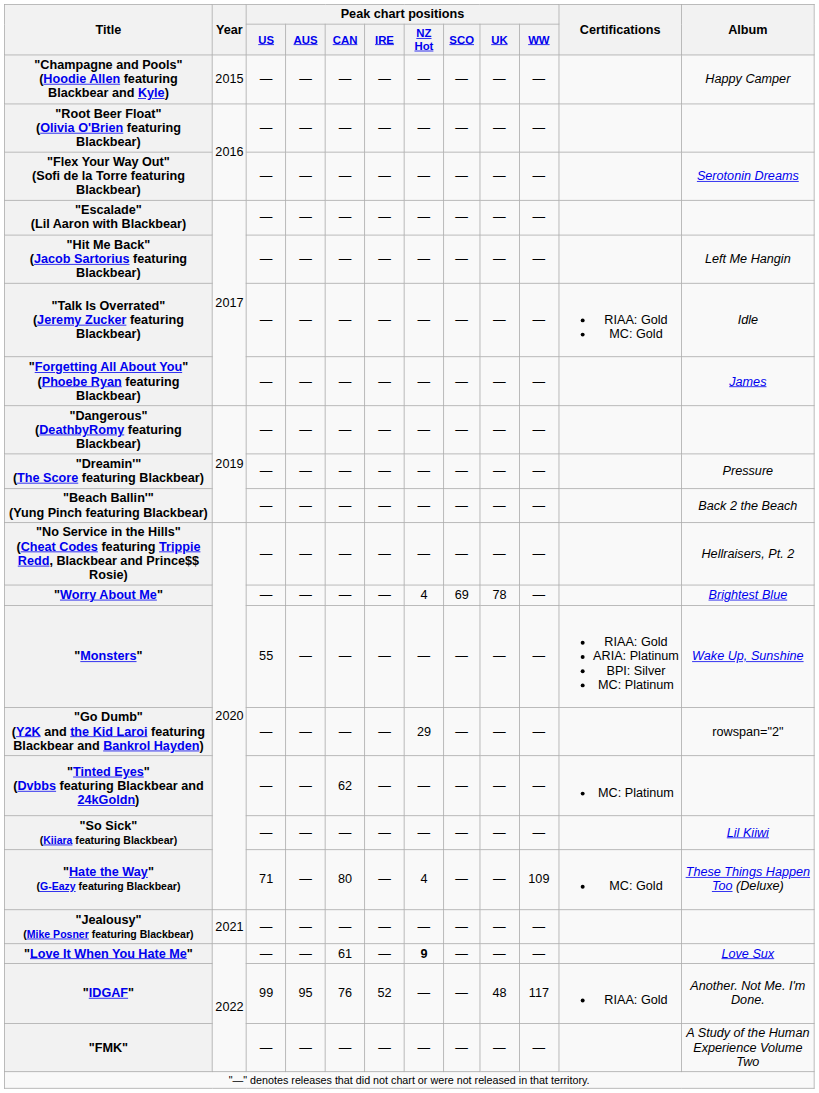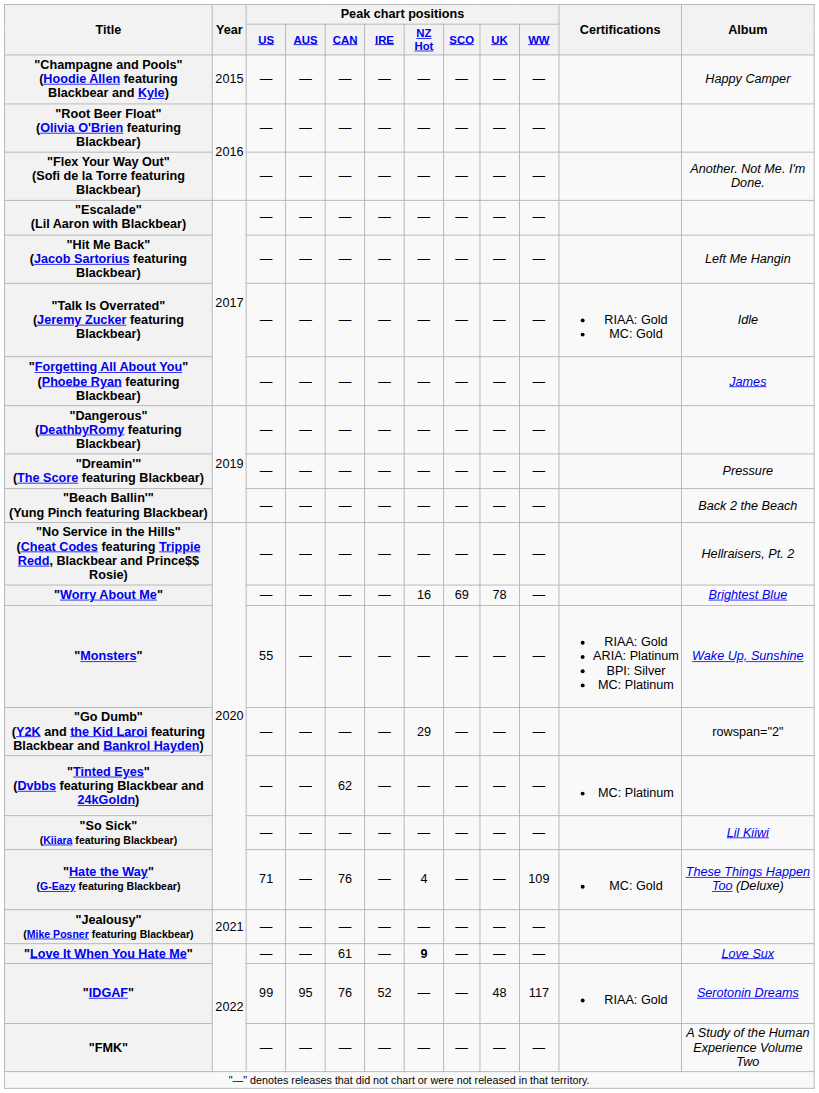 <table class="wikitable plainrowheaders" style="text-align:center;">
 <tr>
 <th scope="col" rowspan="2" style="width:16em;">Title</th>
 <th scope="col" rowspan="2" style="width:1em;">Year</th>
 <th scope="col" colspan="8">Peak chart positions</th>
 <th scope="col" rowspan="2">Certifications</th>
 <th scope="col" rowspan="2" style="width:10em;">Album</th>
 </tr>
 <tr>
 <th scope="col" style="width:3em;font-size:90%;"><a href='#'>US</a><br></th>
 <th scope="col" style="width:3em;font-size:90%;"><a href='#'>AUS</a><br></th>
 <th scope="col" style="width:3em;font-size:90%;"><a href='#'>CAN</a><br></th>
 <th scope="col" style="width:3em;font-size:90%;"><a href='#'>IRE</a><br></th>
 <th scope="col" style="width:3em;font-size:90%;"><a href='#'>NZ<br>Hot</a><br></th>
 <th scope="col" style="width:2.7em;font-size:90%;"><a href='#'>SCO</a><br></th>
 <th scope="col" style="width:3em;font-size:90%;"><a href='#'>UK</a><br></th>
 <th scope="col" style="width:3em;font-size:90%;"><a href='#'>WW</a><br></th>
 </tr>
 <tr>
 <th scope="row">"Champagne and Pools"<br><span>(<a href='#'>Hoodie Allen</a> featuring Blackbear and <a href='#'>Kyle</a>)</span></th>
 <td>2015</td>
 <td>—</td>
 <td>—</td>
 <td>—</td>
 <td>—</td>
 <td>—</td>
 <td>—</td>
 <td>—</td>
 <td>—</td>
 <td></td>
 <td><em>Happy Camper</em></td>
 </tr>
 <tr>
 <th scope="row">"Root Beer Float"<br><span>(<a href='#'>Olivia O'Brien</a> featuring Blackbear)</span></th>
 <td rowspan="2">2016</td>
 <td>—</td>
 <td>—</td>
 <td>—</td>
 <td>—</td>
 <td>—</td>
 <td>—</td>
 <td>—</td>
 <td>—</td>
 <td></td>
 <td></td>
 </tr>
 <tr>
 <th scope="row">"Flex Your Way Out"<br><span>(Sofi de la Torre featuring Blackbear)</span></th>
 <td>—</td>
 <td>—</td>
 <td>—</td>
 <td>—</td>
 <td>—</td>
 <td>—</td>
 <td>—</td>
 <td>—</td>
 <td></td>
-<td><em><a href='#'>Serotonin Dreams</a></em></td>
+<td><em>Another. Not Me. I'm Done.</em></td>
 </tr>
 <tr>
 <th scope="row">"Escalade"<br><span>(Lil Aaron with Blackbear)</span></th>
 <td rowspan="4">2017</td>
 <td>—</td>
 <td>—</td>
 <td>—</td>
 <td>—</td>
 <td>—</td>
 <td>—</td>
 <td>—</td>
 <td>—</td>
 <td></td>
 <td></td>
 </tr>
 <tr>
 <th scope="row">"Hit Me Back"<br><span>(<a href='#'>Jacob Sartorius</a> featuring Blackbear)</span></th>
 <td>—</td>
 <td>—</td>
 <td>—</td>
 <td>—</td>
 <td>—</td>
 <td>—</td>
 <td>—</td>
 <td>—</td>
 <td></td>
 <td><em>Left Me Hangin</em></td>
 </tr>
 <tr>
 <th scope="row">"Talk Is Overrated"<br><span>(<a href='#'>Jeremy Zucker</a> featuring Blackbear)</span></th>
 <td>—</td>
 <td>—</td>
 <td>—</td>
 <td>—</td>
 <td>—</td>
 <td>—</td>
 <td>—</td>
 <td>—</td>
 <td><br><ul><li>RIAA: Gold</li><li>MC: Gold</li></ul></td>
 <td><em>Idle</em></td>
 </tr>
 <tr>
 <th scope="row">"<a href='#'>Forgetting All About You</a>"<br><span>(<a href='#'>Phoebe Ryan</a> featuring Blackbear)</span></th>
 <td>—</td>
 <td>—</td>
 <td>—</td>
 <td>—</td>
 <td>—</td>
 <td>—</td>
 <td>—</td>
 <td>—</td>
 <td></td>
 <td><em><a href='#'>James</a></em></td>
 </tr>
 <tr>
 <th scope="row">"Dangerous"<br><span>(<a href='#'>DeathbyRomy</a> featuring Blackbear)</span></th>
 <td rowspan="3">2019</td>
 <td>—</td>
 <td>—</td>
 <td>—</td>
 <td>—</td>
 <td>—</td>
 <td>—</td>
 <td>—</td>
 <td>—</td>
 <td></td>
 <td></td>
 </tr>
 <tr>
 <th scope="row">"Dreamin'"<br><span>(<a href='#'>The Score</a> featuring Blackbear)</span></th>
 <td>—</td>
 <td>—</td>
 <td>—</td>
 <td>—</td>
 <td>—</td>
 <td>—</td>
 <td>—</td>
 <td>—</td>
 <td></td>
 <td><em>Pressure</em></td>
 </tr>
 <tr>
 <th scope="row">"Beach Ballin'"<br><span>(Yung Pinch featuring Blackbear)</span></th>
 <td>—</td>
 <td>—</td>
 <td>—</td>
 <td>—</td>
 <td>—</td>
 <td>—</td>
 <td>—</td>
 <td>—</td>
 <td></td>
 <td><em>Back 2 the Beach</em></td>
 </tr>
 <tr>
 <th scope="row">"No Service in the Hills" <br><span>(<a href='#'>Cheat Codes</a> featuring <a href='#'>Trippie Redd</a>, Blackbear and Prince$$ Rosie)</span></th>
 <td rowspan="7">2020</td>
 <td>—</td>
 <td>—</td>
 <td>—</td>
 <td>—</td>
 <td>—</td>
 <td>—</td>
 <td>—</td>
 <td>—</td>
 <td></td>
 <td><em>Hellraisers, Pt. 2</em></td>
 </tr>
 <tr>
 <th scope="row">"<a href='#'>Worry About Me</a>"<br></th>
 <td>—</td>
 <td>—</td>
 <td>—</td>
 <td>—</td>
-<td>4</td>
+<td>16</td>
 <td>69</td>
 <td>78</td>
 <td>—</td>
 <td></td>
 <td><em><a href='#'>Brightest Blue</a></em></td>
 </tr>
 <tr>
 <th scope="row">"<a href='#'>Monsters</a>"<br></th>
 <td>55</td>
 <td>—</td>
 <td>—</td>
 <td>—</td>
 <td>—</td>
 <td>—</td>
 <td>—</td>
 <td>—</td>
 <td><br><ul><li>RIAA: Gold</li><li>ARIA: Platinum</li><li>BPI: Silver</li><li>MC: Platinum</li></ul></td>
 <td><em><a href='#'>Wake Up, Sunshine</a></em></td>
 </tr>
 <tr>
 <th scope="row">"Go Dumb"<br><span>(<a href='#'>Y2K</a> and <a href='#'>the Kid Laroi</a> featuring Blackbear and <a href='#'>Bankrol Hayden</a>)</span></th>
 <td>—</td>
 <td>—</td>
 <td>—</td>
 <td>—</td>
 <td>29</td>
 <td>—</td>
 <td>—</td>
 <td>—</td>
 <td></td>
 <td>rowspan="2" </td>
 </tr>
 <tr>
 <th scope="row">"<a href='#'>Tinted Eyes</a>"<br><span>(<a href='#'>Dvbbs</a> featuring Blackbear and <a href='#'>24kGoldn</a>)</span></th>
 <td>—</td>
 <td>—</td>
 <td>62</td>
 <td>—</td>
 <td>—</td>
 <td>—</td>
 <td>—</td>
 <td>—</td>
 <td><br><ul><li>MC: Platinum</li></ul></td>
 </tr>
 <tr>
 <th scope="row">"So Sick"<br><small>(<a href='#'>Kiiara</a> featuring Blackbear)</small></th>
 <td>—</td>
 <td>—</td>
 <td>—</td>
 <td>—</td>
 <td>—</td>
 <td>—</td>
 <td>—</td>
 <td>—</td>
 <td></td>
 <td><em><a href='#'>Lil Kiiwi</a></em></td>
 </tr>
 <tr>
 <th scope="row">"<a href='#'>Hate the Way</a>"<br><small>(<a href='#'>G-Eazy</a> featuring Blackbear)</small></th>
 <td>71</td>
 <td>—</td>
-<td>80</td>
+<td>76</td>
 <td>—</td>
 <td>4</td>
 <td>—</td>
 <td>—</td>
 <td>109</td>
 <td><br><ul><li>MC: Gold</li></ul></td>
 <td><em><a href='#'>These Things Happen Too</a> (Deluxe)</em></td>
 </tr>
 <tr>
 <th scope="row">"Jealousy"<br><small>(<a href='#'>Mike Posner</a> featuring Blackbear)</small></th>
 <td>2021</td>
 <td>—</td>
 <td>—</td>
 <td>—</td>
 <td>—</td>
 <td>—</td>
 <td>—</td>
 <td>—</td>
 <td>—</td>
 <td></td>
 <td></td>
 </tr>
 <tr>
 <th scope="row">"<a href='#'>Love It When You Hate Me</a>"<br></th>
 <td rowspan="3">2022</td>
 <td>—</td>
 <td>—</td>
 <td>61</td>
 <td>—</td>
 <td><strong>9</strong></td>
 <td>—</td>
 <td>—</td>
 <td>—</td>
 <td></td>
 <td><em><a href='#'>Love Sux</a></em></td>
 </tr>
 <tr>
 <th scope="row">"<a href='#'>IDGAF</a>"<br></th>
 <td>99</td>
 <td>95</td>
 <td>76</td>
 <td>52</td>
 <td>—</td>
 <td>—</td>
 <td>48</td>
 <td>117</td>
 <td><br><ul><li>RIAA: Gold</li></ul></td>
-<td><em>Another. Not Me. I'm Done.</em></td>
+<td><em><a href='#'>Serotonin Dreams</a></em></td>
 </tr>
 <tr>
 <th scope="row">"FMK"<br></th>
 <td>—</td>
 <td>—</td>
 <td>—</td>
 <td>—</td>
 <td>—</td>
 <td>—</td>
 <td>—</td>
 <td>—</td>
 <td></td>
 <td><em>A Study of the Human Experience Volume Two</em></td>
 </tr>
 <tr>
 <td colspan="15" style="font-size:85%">"—" denotes releases that did not chart or were not released in that territory.</td>
 </tr>
 </table>
